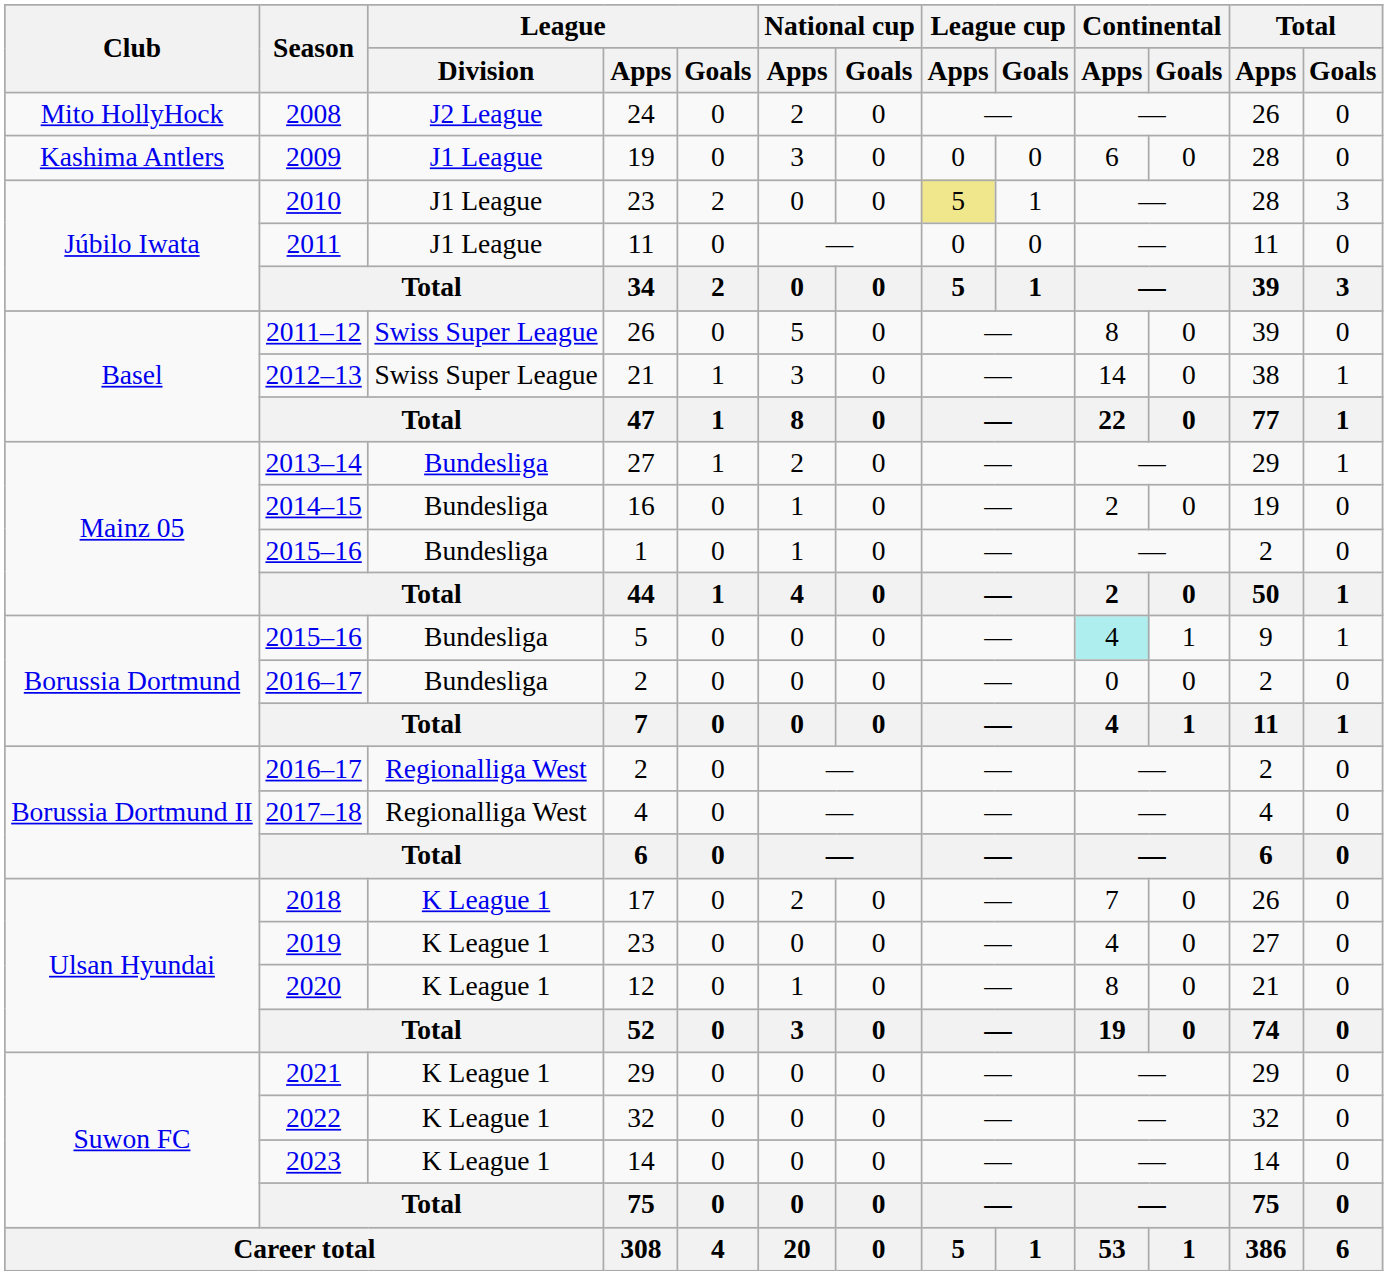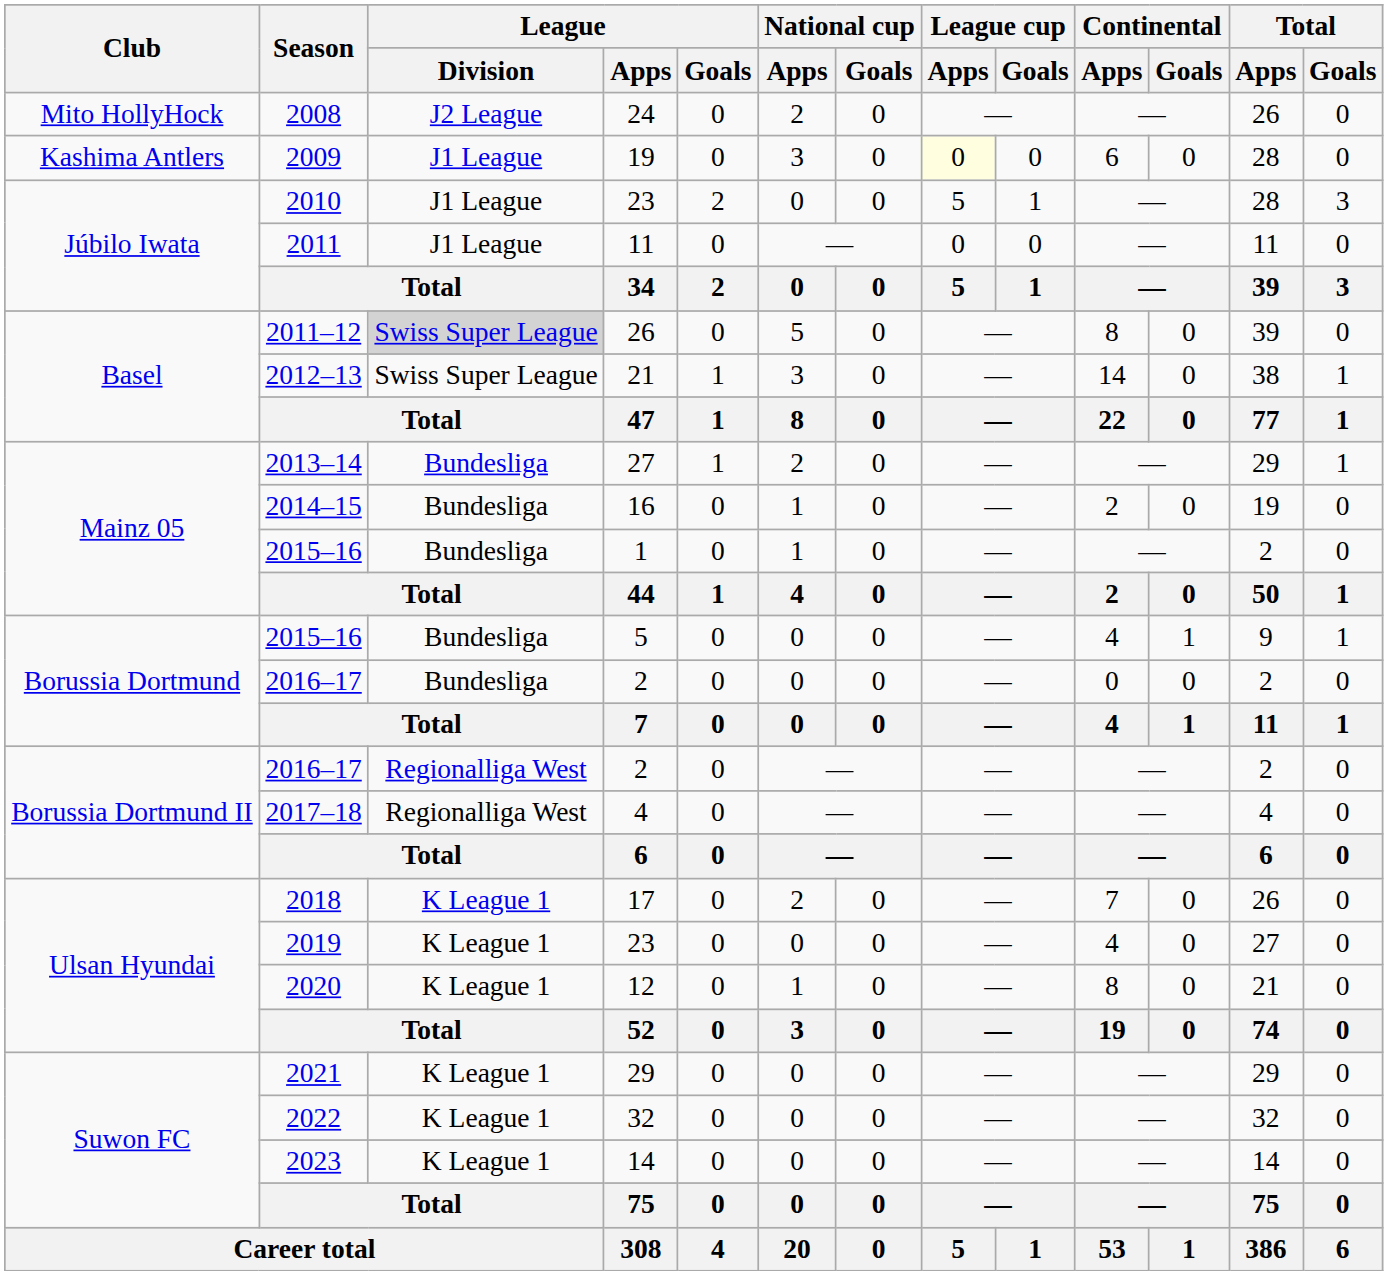 <table class="wikitable" style="text-align:center">
 <tr>
 <th rowspan=2>Club</th>
 <th rowspan=2>Season</th>
 <th colspan=3>League</th>
 <th colspan=2>National cup</th>
 <th colspan=2>League cup</th>
 <th colspan=2>Continental</th>
 <th colspan=2>Total</th>
 </tr>
 <tr>
 <th>Division</th>
 <th>Apps</th>
 <th>Goals</th>
 <th>Apps</th>
 <th>Goals</th>
 <th>Apps</th>
 <th>Goals</th>
 <th>Apps</th>
 <th>Goals</th>
 <th>Apps</th>
 <th>Goals</th>
 </tr>
 <tr>
 <td><a href='#'>Mito HollyHock</a></td>
 <td><a href='#'>2008</a></td>
 <td><a href='#'>J2 League</a></td>
 <td>24</td>
 <td>0</td>
 <td>2</td>
 <td>0</td>
 <td colspan="2">—</td>
 <td colspan="2">—</td>
 <td>26</td>
 <td>0</td>
 </tr>
 <tr>
 <td><a href='#'>Kashima Antlers</a></td>
 <td><a href='#'>2009</a></td>
 <td><a href='#'>J1 League</a></td>
 <td>19</td>
 <td>0</td>
 <td>3</td>
 <td>0</td>
-<td>0</td>
+<td style="background: lightyellow;">0</td>
 <td>0</td>
 <td>6</td>
 <td>0</td>
 <td>28</td>
 <td>0</td>
 </tr>
 <tr>
 <td rowspan="3"><a href='#'>Júbilo Iwata</a></td>
 <td><a href='#'>2010</a></td>
 <td>J1 League</td>
 <td>23</td>
 <td>2</td>
 <td>0</td>
 <td>0</td>
-<td style="background: khaki;">5</td>
+<td>5</td>
 <td>1</td>
 <td colspan="2">—</td>
 <td>28</td>
 <td>3</td>
 </tr>
 <tr>
 <td><a href='#'>2011</a></td>
 <td>J1 League</td>
 <td>11</td>
 <td>0</td>
 <td colspan="2">—</td>
 <td>0</td>
 <td>0</td>
 <td colspan="2">—</td>
 <td>11</td>
 <td>0</td>
 </tr>
 <tr>
 <th colspan="2">Total</th>
 <th>34</th>
 <th>2</th>
 <th>0</th>
 <th>0</th>
 <th>5</th>
 <th>1</th>
 <th colspan="2">—</th>
 <th>39</th>
 <th>3</th>
 </tr>
 <tr>
 <td rowspan="3"><a href='#'>Basel</a></td>
 <td><a href='#'>2011–12</a></td>
-<td><a href='#'>Swiss Super League</a></td>
+<td style="background: lightgrey;"><a href='#'>Swiss Super League</a></td>
 <td>26</td>
 <td>0</td>
 <td>5</td>
 <td>0</td>
 <td colspan="2">—</td>
 <td>8</td>
 <td>0</td>
 <td>39</td>
 <td>0</td>
 </tr>
 <tr>
 <td><a href='#'>2012–13</a></td>
 <td>Swiss Super League</td>
 <td>21</td>
 <td>1</td>
 <td>3</td>
 <td>0</td>
 <td colspan="2">—</td>
 <td>14</td>
 <td>0</td>
 <td>38</td>
 <td>1</td>
 </tr>
 <tr>
 <th colspan=2>Total</th>
 <th>47</th>
 <th>1</th>
 <th>8</th>
 <th>0</th>
 <th colspan="2">—</th>
 <th>22</th>
 <th>0</th>
 <th>77</th>
 <th>1</th>
 </tr>
 <tr>
 <td rowspan="4"><a href='#'>Mainz 05</a></td>
 <td><a href='#'>2013–14</a></td>
 <td><a href='#'>Bundesliga</a></td>
 <td>27</td>
 <td>1</td>
 <td>2</td>
 <td>0</td>
 <td colspan="2">—</td>
 <td colspan="2">—</td>
 <td>29</td>
 <td>1</td>
 </tr>
 <tr>
 <td><a href='#'>2014–15</a></td>
 <td>Bundesliga</td>
 <td>16</td>
 <td>0</td>
 <td>1</td>
 <td>0</td>
 <td colspan="2">—</td>
 <td>2</td>
 <td>0</td>
 <td>19</td>
 <td>0</td>
 </tr>
 <tr>
 <td><a href='#'>2015–16</a></td>
 <td>Bundesliga</td>
 <td>1</td>
 <td>0</td>
 <td>1</td>
 <td>0</td>
 <td colspan="2">—</td>
 <td colspan="2">—</td>
 <td>2</td>
 <td>0</td>
 </tr>
 <tr>
 <th colspan=2>Total</th>
 <th>44</th>
 <th>1</th>
 <th>4</th>
 <th>0</th>
 <th colspan="2">—</th>
 <th>2</th>
 <th>0</th>
 <th>50</th>
 <th>1</th>
 </tr>
 <tr>
 <td rowspan="3"><a href='#'>Borussia Dortmund</a></td>
 <td><a href='#'>2015–16</a></td>
 <td>Bundesliga</td>
 <td>5</td>
 <td>0</td>
 <td>0</td>
 <td>0</td>
 <td colspan=2>—</td>
-<td style="background: paleturquoise;">4</td>
+<td>4</td>
 <td>1</td>
 <td>9</td>
 <td>1</td>
 </tr>
 <tr>
 <td><a href='#'>2016–17</a></td>
 <td>Bundesliga</td>
 <td>2</td>
 <td>0</td>
 <td>0</td>
 <td>0</td>
 <td colspan=2>—</td>
 <td>0</td>
 <td>0</td>
 <td>2</td>
 <td>0</td>
 </tr>
 <tr>
 <th colspan=2>Total</th>
 <th>7</th>
 <th>0</th>
 <th>0</th>
 <th>0</th>
 <th colspan="2">—</th>
 <th>4</th>
 <th>1</th>
 <th>11</th>
 <th>1</th>
 </tr>
 <tr>
 <td rowspan="3"><a href='#'>Borussia Dortmund II</a></td>
 <td><a href='#'>2016–17</a></td>
 <td><a href='#'>Regionalliga West</a></td>
 <td>2</td>
 <td>0</td>
 <td colspan="2">—</td>
 <td colspan="2">—</td>
 <td colspan="2">—</td>
 <td>2</td>
 <td>0</td>
 </tr>
 <tr>
 <td><a href='#'>2017–18</a></td>
 <td>Regionalliga West</td>
 <td>4</td>
 <td>0</td>
 <td colspan="2">—</td>
 <td colspan="2">—</td>
 <td colspan="2">—</td>
 <td>4</td>
 <td>0</td>
 </tr>
 <tr>
 <th colspan="2">Total</th>
 <th>6</th>
 <th>0</th>
 <th colspan="2">—</th>
 <th colspan="2">—</th>
 <th colspan="2">—</th>
 <th>6</th>
 <th>0</th>
 </tr>
 <tr>
 <td rowspan="4"><a href='#'>Ulsan Hyundai</a></td>
 <td><a href='#'>2018</a></td>
 <td><a href='#'>K League 1</a></td>
 <td>17</td>
 <td>0</td>
 <td>2</td>
 <td>0</td>
 <td colspan="2">—</td>
 <td>7</td>
 <td>0</td>
 <td>26</td>
 <td>0</td>
 </tr>
 <tr>
 <td><a href='#'>2019</a></td>
 <td>K League 1</td>
 <td>23</td>
 <td>0</td>
 <td>0</td>
 <td>0</td>
 <td colspan="2">—</td>
 <td>4</td>
 <td>0</td>
 <td>27</td>
 <td>0</td>
 </tr>
 <tr>
 <td><a href='#'>2020</a></td>
 <td>K League 1</td>
 <td>12</td>
 <td>0</td>
 <td>1</td>
 <td>0</td>
 <td colspan="2">—</td>
 <td>8</td>
 <td>0</td>
 <td>21</td>
 <td>0</td>
 </tr>
 <tr>
 <th colspan="2">Total</th>
 <th>52</th>
 <th>0</th>
 <th>3</th>
 <th>0</th>
 <th colspan="2">—</th>
 <th>19</th>
 <th>0</th>
 <th>74</th>
 <th>0</th>
 </tr>
 <tr>
 <td rowspan="4"><a href='#'>Suwon FC</a></td>
 <td><a href='#'>2021</a></td>
 <td>K League 1</td>
 <td>29</td>
 <td>0</td>
 <td>0</td>
 <td>0</td>
 <td colspan="2">—</td>
 <td colspan="2">—</td>
 <td>29</td>
 <td>0</td>
 </tr>
 <tr>
 <td><a href='#'>2022</a></td>
 <td>K League 1</td>
 <td>32</td>
 <td>0</td>
 <td>0</td>
 <td>0</td>
 <td colspan="2">—</td>
 <td colspan="2">—</td>
 <td>32</td>
 <td>0</td>
 </tr>
 <tr>
 <td><a href='#'>2023</a></td>
 <td>K League 1</td>
 <td>14</td>
 <td>0</td>
 <td>0</td>
 <td>0</td>
 <td colspan="2">—</td>
 <td colspan="2">—</td>
 <td>14</td>
 <td>0</td>
 </tr>
 <tr>
 <th colspan="2">Total</th>
 <th>75</th>
 <th>0</th>
 <th>0</th>
 <th>0</th>
 <th colspan="2">—</th>
 <th colspan="2">—</th>
 <th>75</th>
 <th>0</th>
 </tr>
 <tr>
 <th colspan=3>Career total</th>
 <th>308</th>
 <th>4</th>
 <th>20</th>
 <th>0</th>
 <th>5</th>
 <th>1</th>
 <th>53</th>
 <th>1</th>
 <th>386</th>
 <th>6</th>
 </tr>
 </table>
